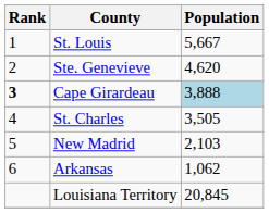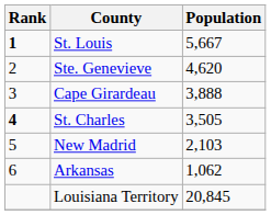 <table class=wikitable>
 <tr>
 <th>Rank</th>
 <th>County</th>
 <th>Population</th>
 </tr>
 <tr>
-<td>1</td>
+<td><strong>1</strong></td>
 <td><a href='#'>St. Louis</a></td>
 <td>5,667</td>
 </tr>
 <tr>
 <td>2</td>
 <td><a href='#'>Ste. Genevieve</a></td>
 <td>4,620</td>
 </tr>
 <tr>
-<td><strong>3</strong></td>
+<td>3</td>
 <td><a href='#'>Cape Girardeau</a></td>
-<td style="background: lightblue;">3,888</td>
+<td>3,888</td>
 </tr>
 <tr>
-<td>4</td>
+<td><strong>4</strong></td>
 <td><a href='#'>St. Charles</a></td>
 <td>3,505</td>
 </tr>
 <tr>
 <td>5</td>
 <td><a href='#'>New Madrid</a></td>
 <td>2,103</td>
 </tr>
 <tr>
 <td>6</td>
 <td><a href='#'>Arkansas</a></td>
 <td>1,062</td>
 </tr>
 <tr>
 <td></td>
 <td>Louisiana Territory</td>
 <td>20,845</td>
 </tr>
 <tr>
 </tr>
 </table>
